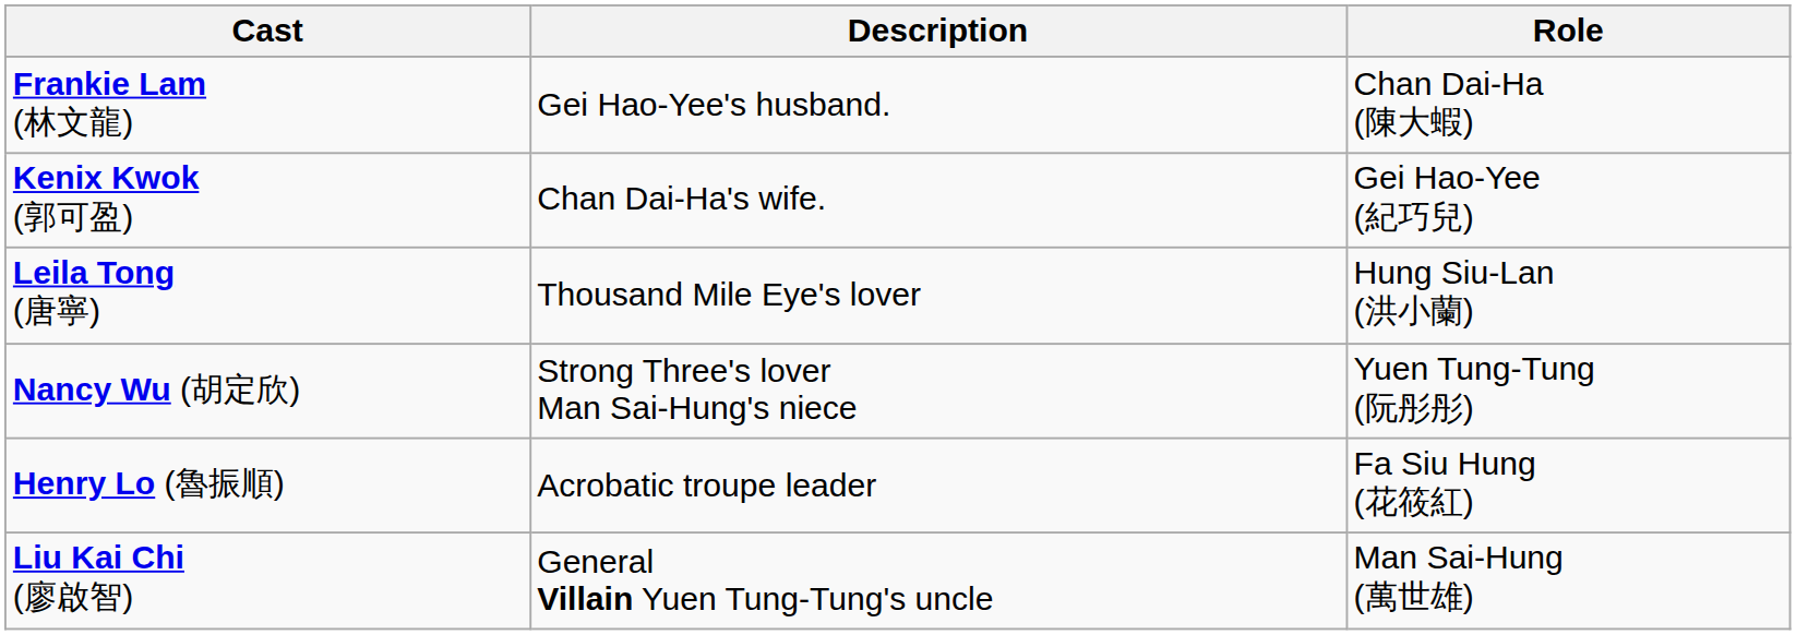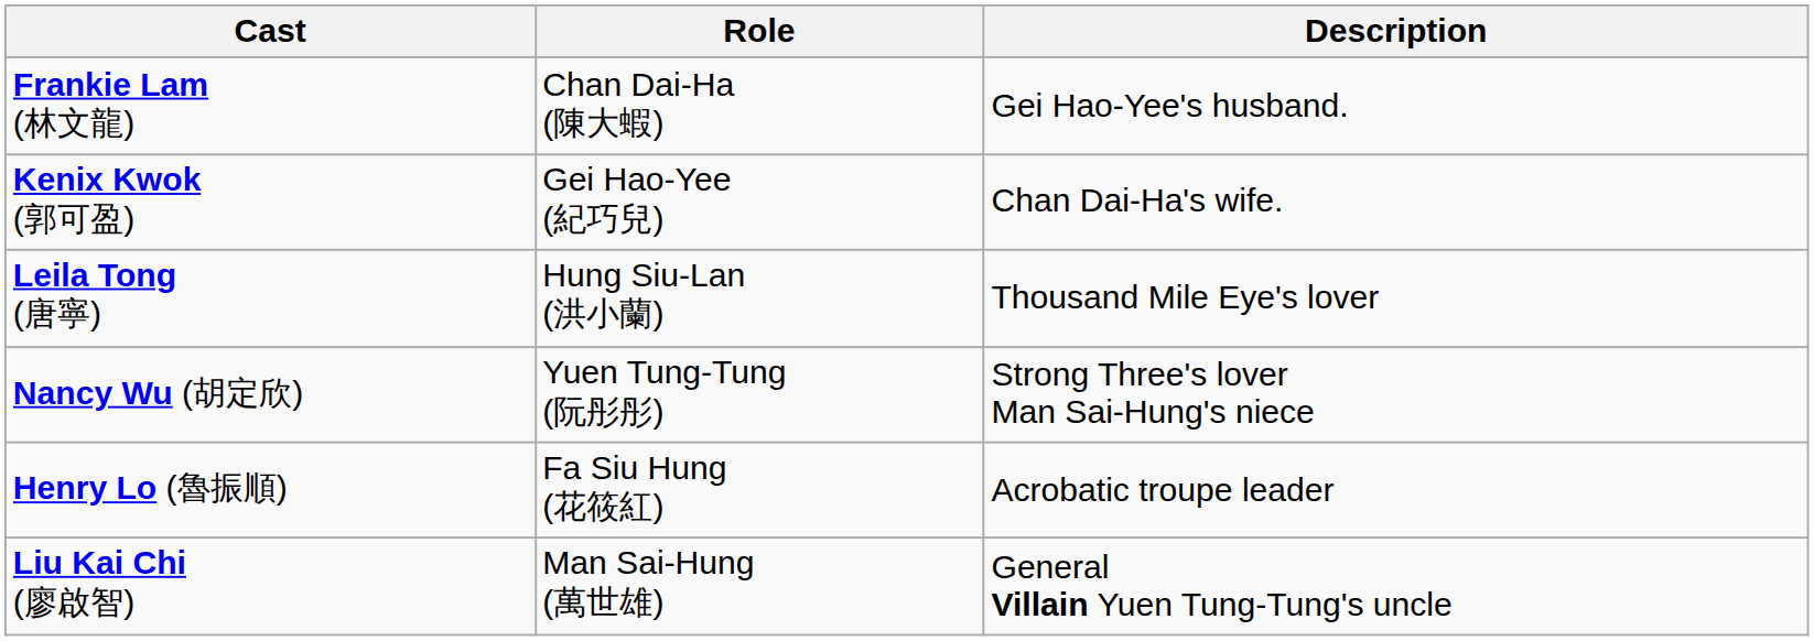 <table class="wikitable" width="55%">
 <tr>
 <th>Cast</th>
+<th>Role</th>
 <th>Description</th>
-<th>Role</th>
 </tr>
 <tr>
 <td><strong><a href='#'>Frankie Lam</a></strong> <br> (林文龍)</td>
+<td>Chan Dai-Ha <br> (陳大蝦)</td>
 <td>Gei Hao-Yee's husband.</td>
-<td>Chan Dai-Ha <br> (陳大蝦)</td>
 </tr>
 <tr>
 <td><strong><a href='#'>Kenix Kwok</a></strong> <br>(郭可盈)</td>
+<td>Gei Hao-Yee <br> (紀巧兒)</td>
 <td>Chan Dai-Ha's wife.</td>
-<td>Gei Hao-Yee <br> (紀巧兒)</td>
 </tr>
 <tr>
 <td><strong><a href='#'>Leila Tong</a></strong> <br>(唐寧)</td>
+<td>Hung Siu-Lan <br> (洪小蘭)</td>
 <td>Thousand Mile Eye's lover</td>
-<td>Hung Siu-Lan <br> (洪小蘭)</td>
 </tr>
 <tr>
 <td><strong><a href='#'>Nancy Wu</a></strong> (胡定欣)</td>
+<td>Yuen Tung-Tung <br> (阮彤彤)</td>
 <td>Strong Three's lover<br>Man Sai-Hung's niece</td>
-<td>Yuen Tung-Tung <br> (阮彤彤)</td>
 </tr>
 <tr>
 <td><strong><a href='#'>Henry Lo</a></strong> (魯振順)</td>
+<td>Fa Siu Hung <br> (花筱紅)</td>
 <td>Acrobatic troupe leader</td>
-<td>Fa Siu Hung <br> (花筱紅)</td>
 </tr>
 <tr>
 <td><strong><a href='#'>Liu Kai Chi</a></strong> <br> (廖啟智)</td>
+<td>Man Sai-Hung <br> (萬世雄)</td>
 <td>General<br><strong>Villain</strong> Yuen Tung-Tung's uncle</td>
-<td>Man Sai-Hung <br> (萬世雄)</td>
 </tr>
 </table>
